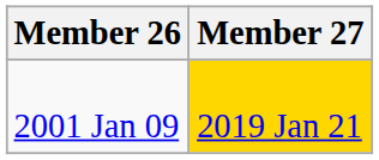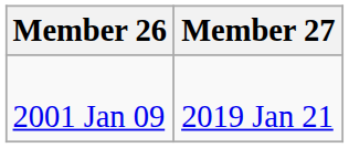 <table class=wikitable align=right>
 <tr>
 <th>Member 26</th>
 <th>Member 27</th>
 </tr>
 <tr>
 <td><br><a href='#'>2001 Jan 09</a></td>
-<td style="background: gold;"><br><a href='#'>2019 Jan 21</a></td>
+<td><br><a href='#'>2019 Jan 21</a></td>
 </tr>
 </table>
